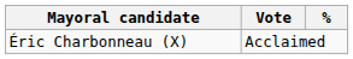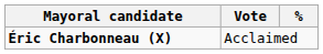 <table class="wikitable">
 <tr>
 <th bgcolor="#DDDDFF" width="200px">Mayoral candidate</th>
 <th bgcolor="#DDDDFF" width="50px">Vote</th>
 <th bgcolor="#DDDDFF" width="30px">%</th>
 </tr>
 <tr>
-<td>Éric Charbonneau (X)</td>
+<td><strong>Éric Charbonneau (X)</strong></td>
 <td colspan="2">Acclaimed</td>
 </tr>
 </table>
